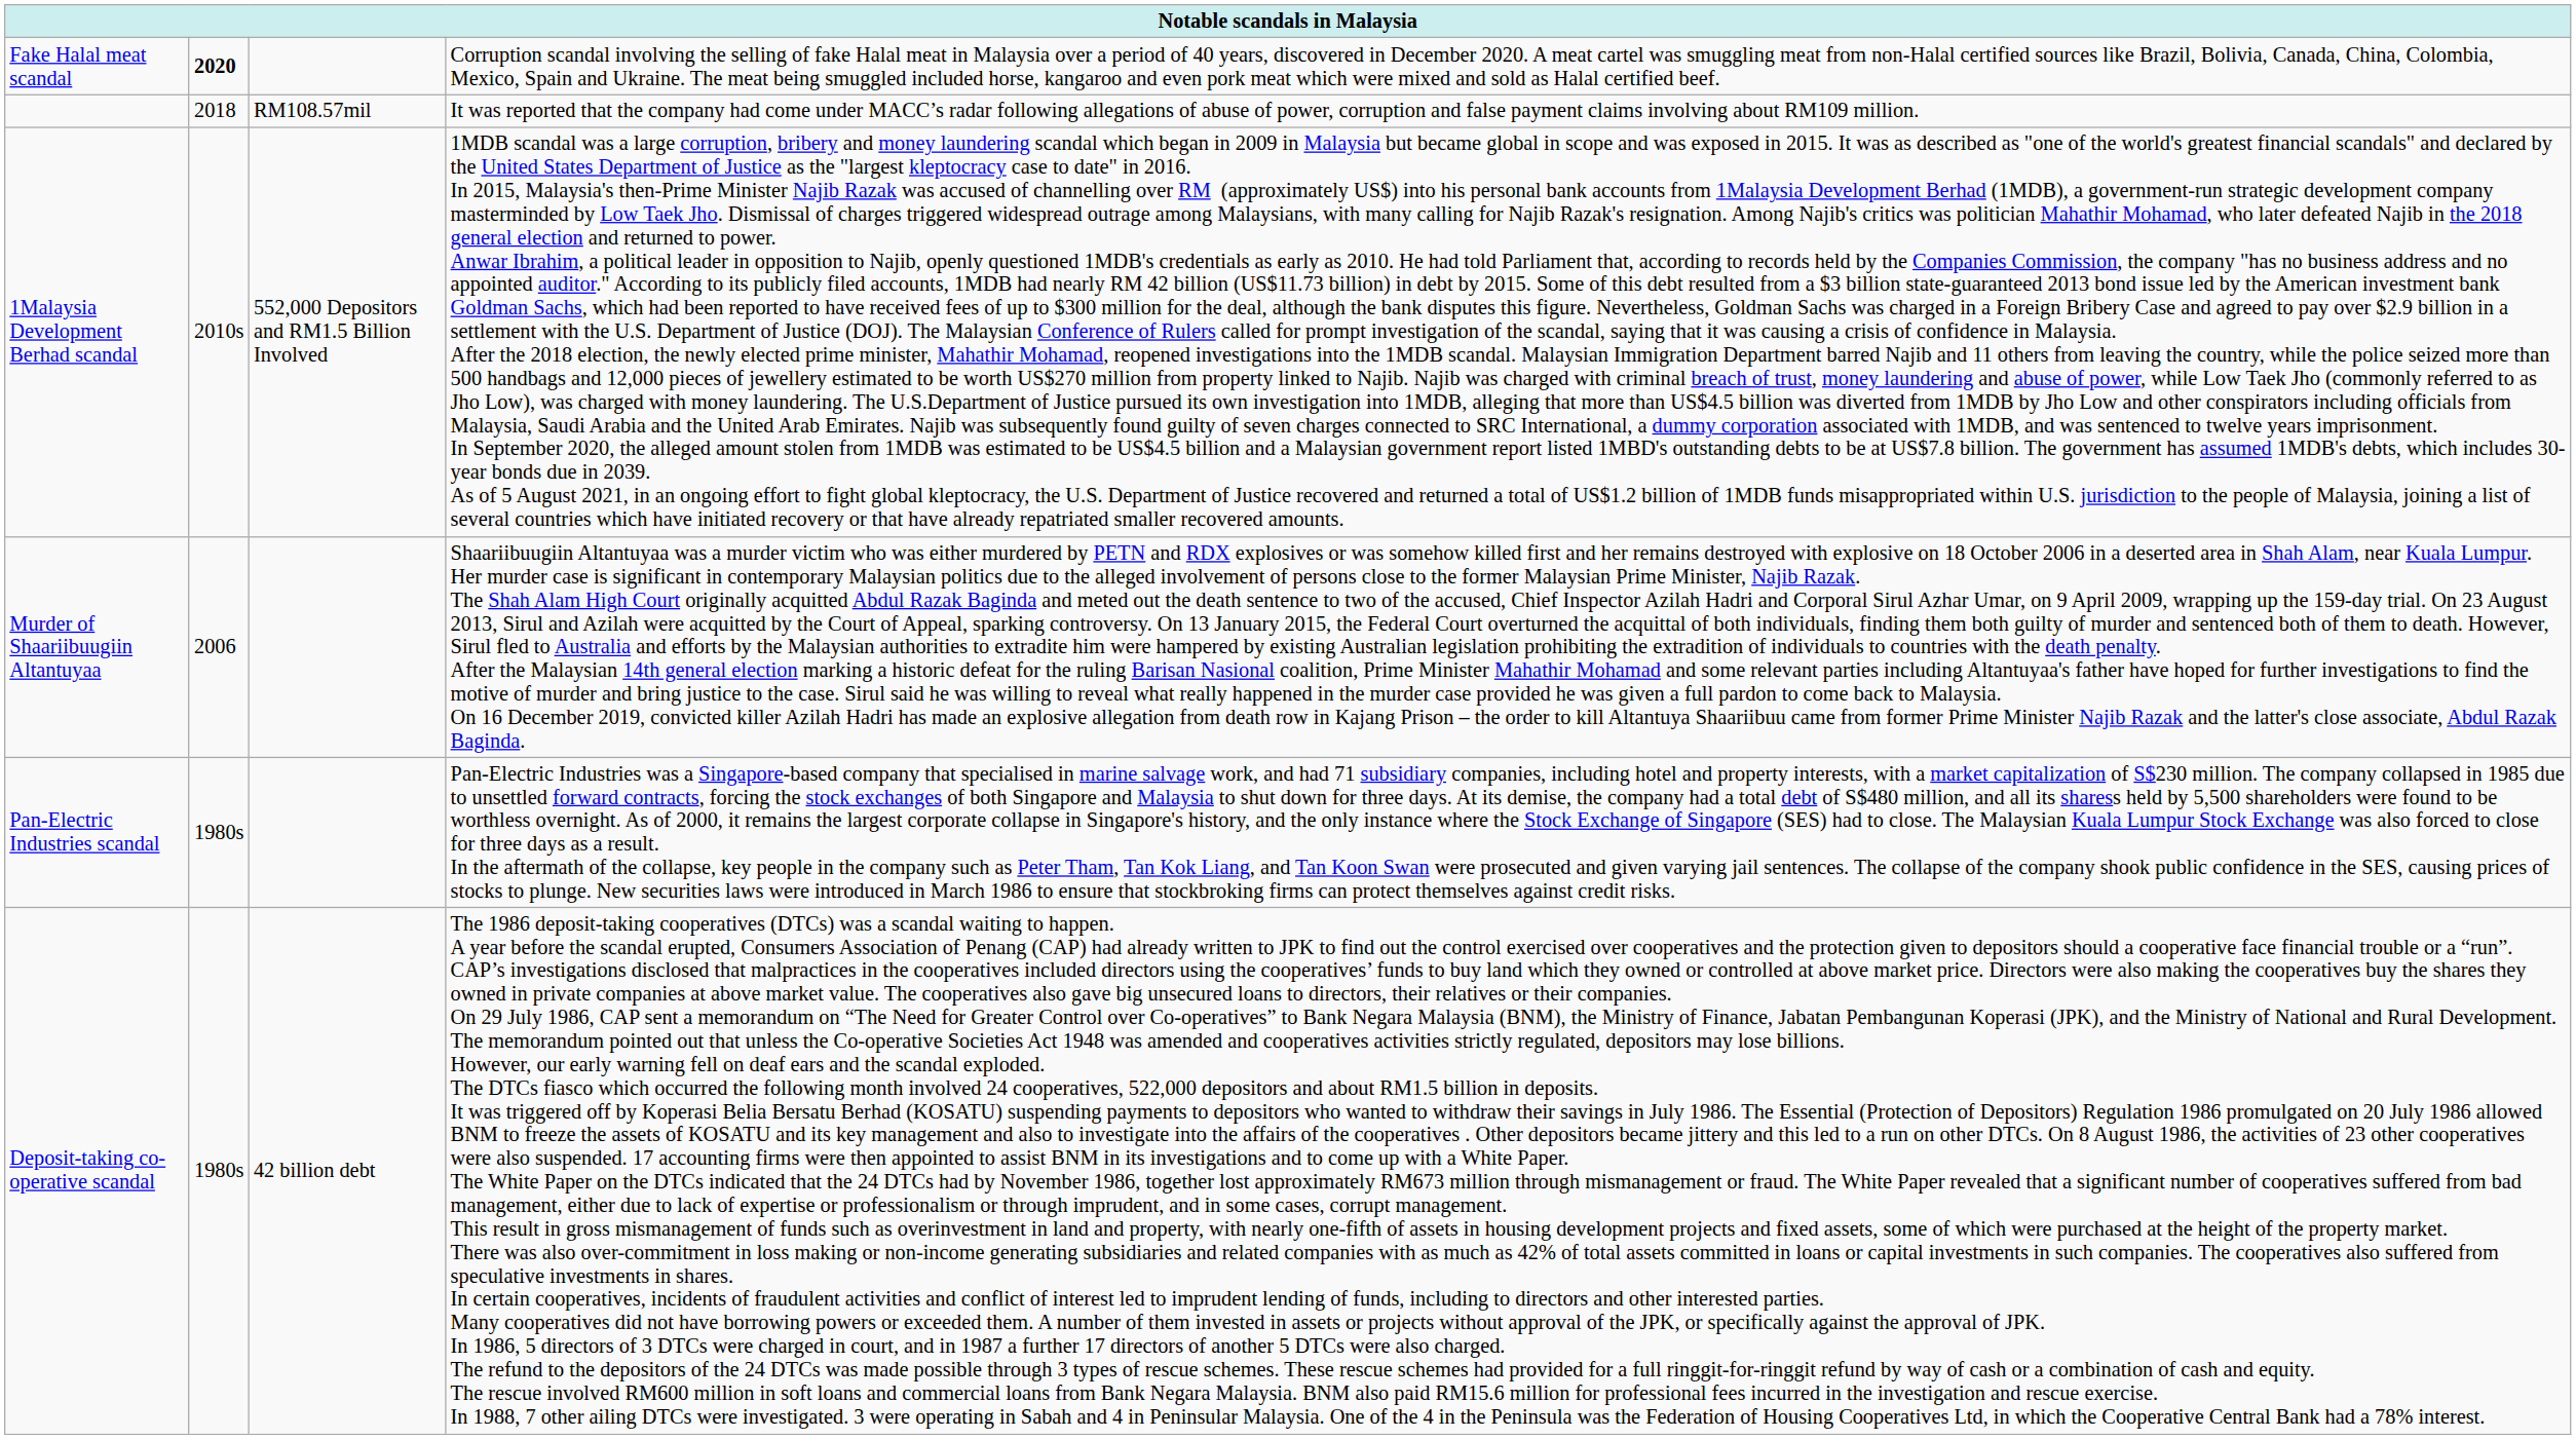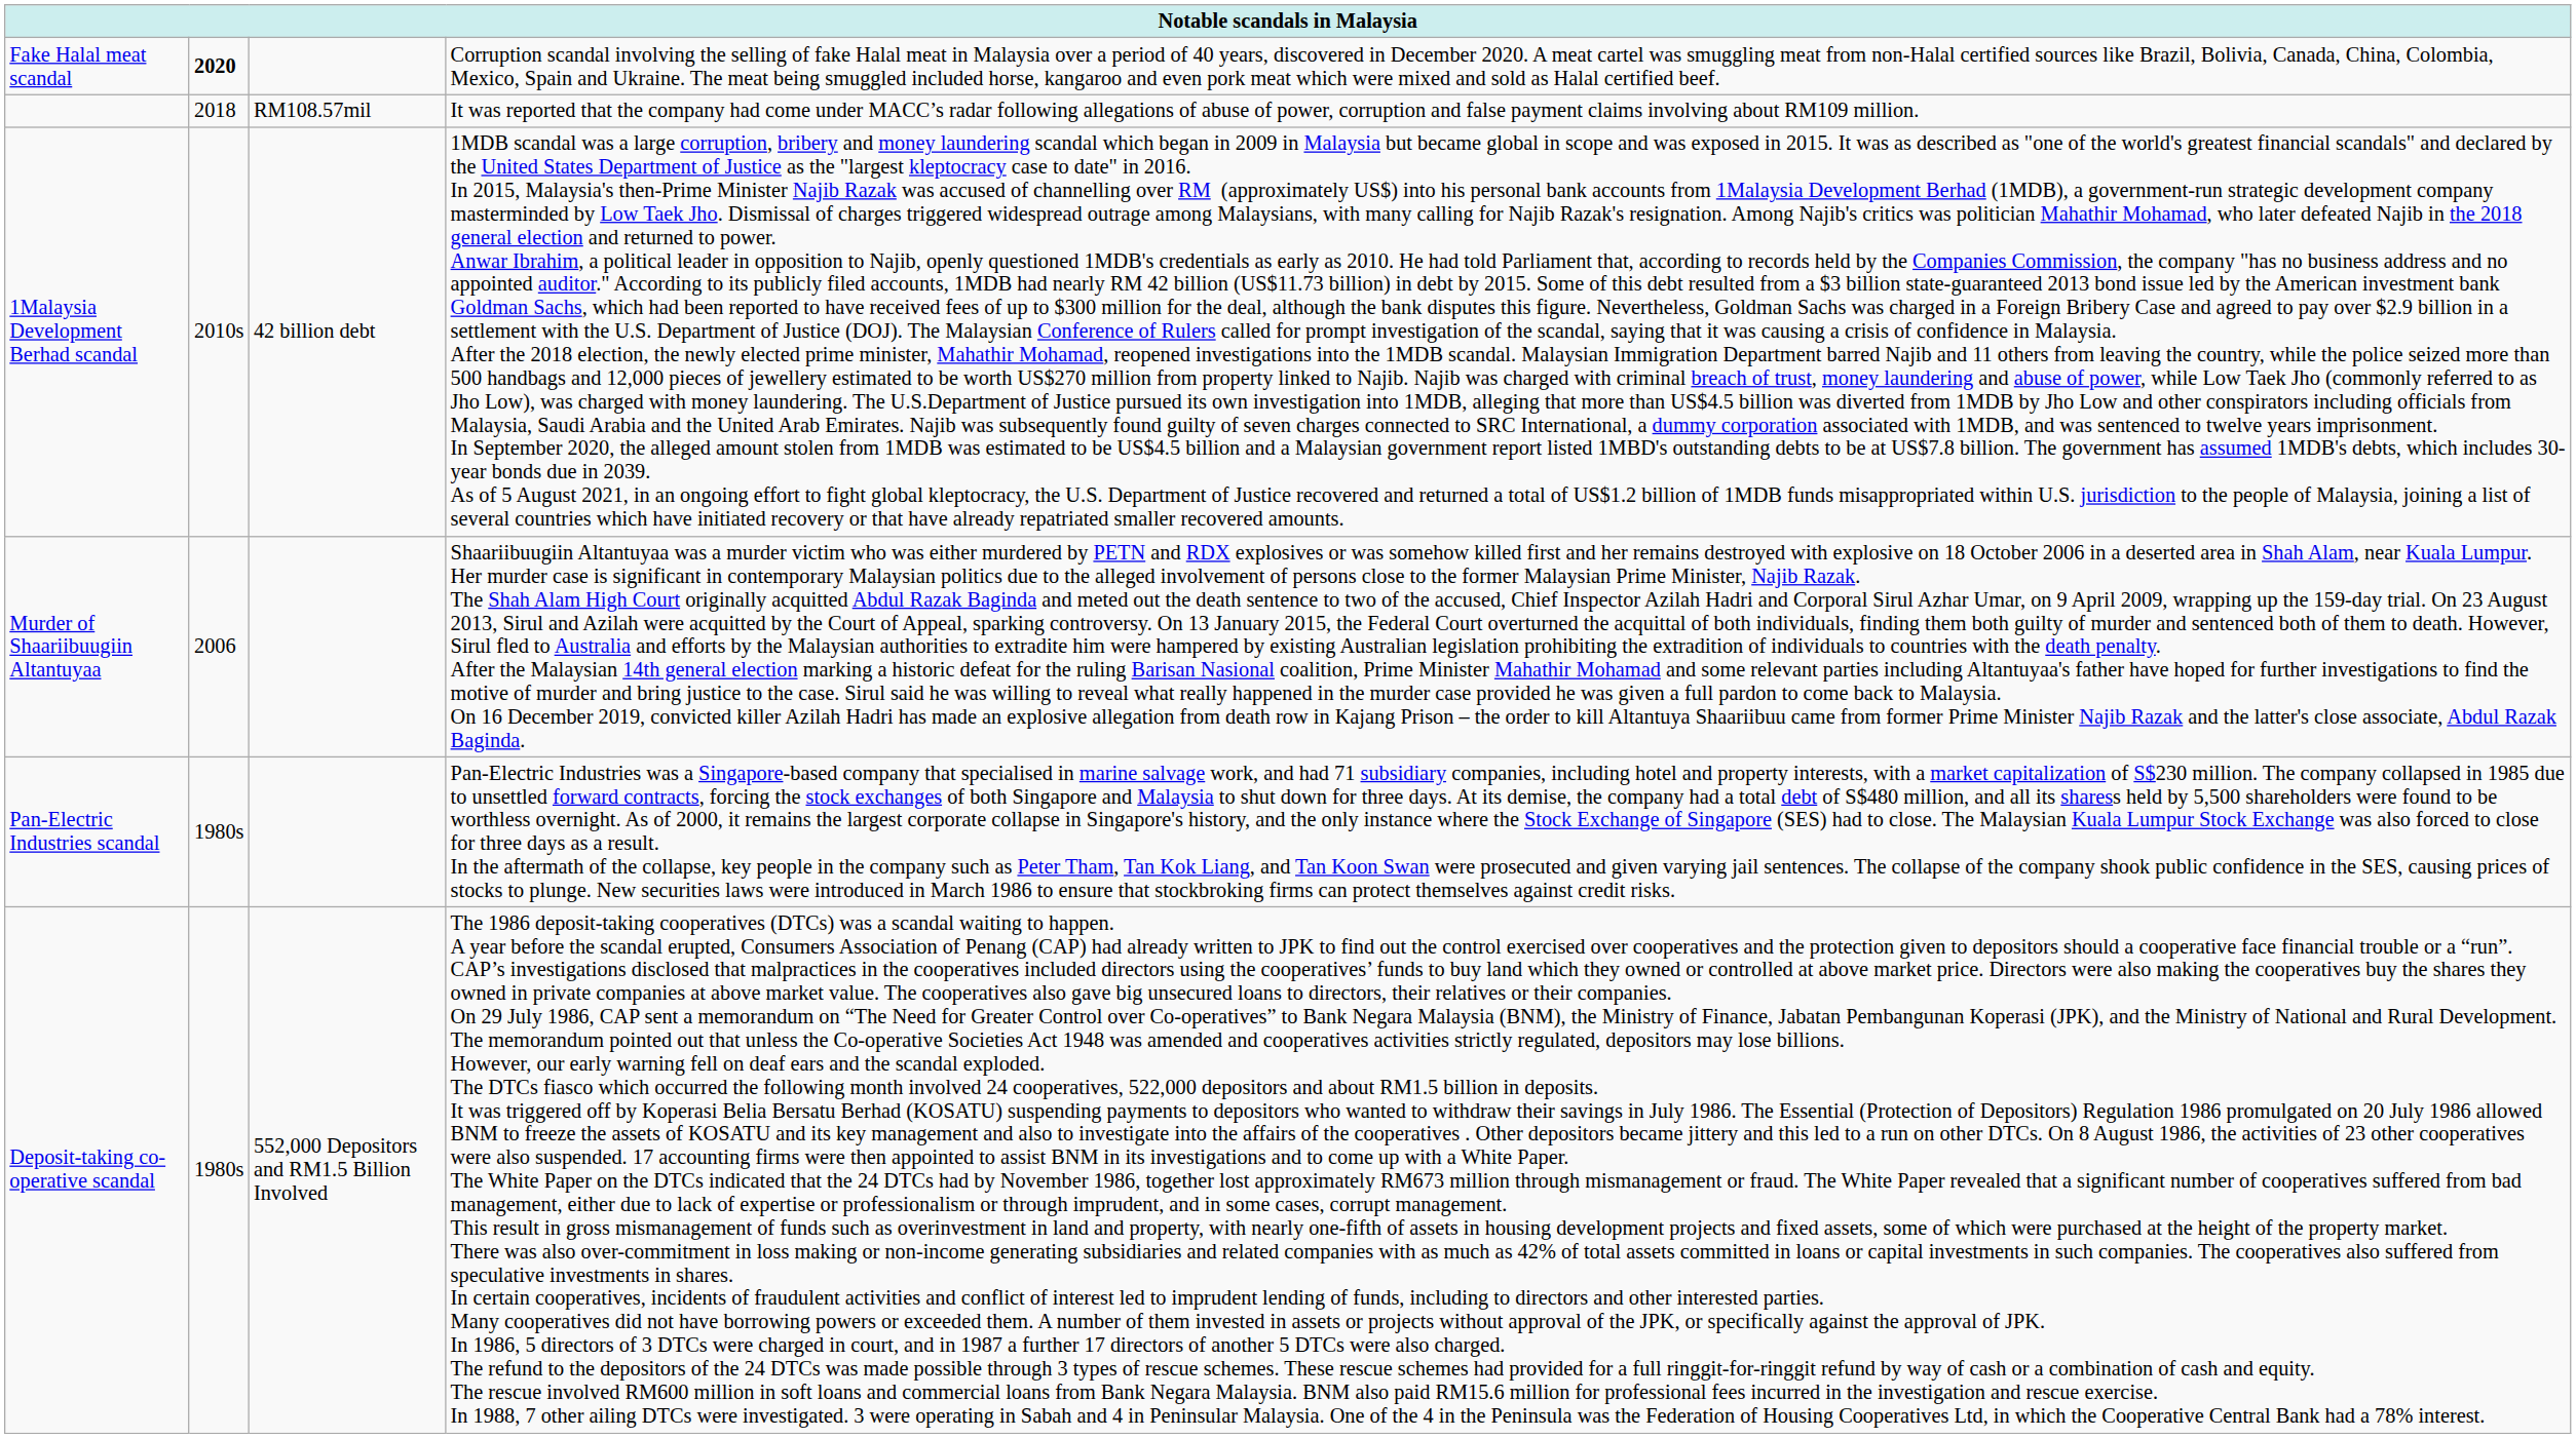 <table class="wikitable sortable">
 <tr>
 <th colspan="6" style="background:#cee;">Notable scandals in Malaysia</th>
 </tr>
 <tr>
 <td><a href='#'>Fake Halal meat scandal</a></td>
 <td><strong>2020</strong></td>
 <td></td>
 <td>Corruption scandal involving the selling of fake Halal meat in Malaysia over a period of 40 years, discovered in December 2020. A meat cartel was smuggling meat from non-Halal certified sources like Brazil, Bolivia, Canada, China, Colombia, Mexico, Spain and Ukraine. The meat being smuggled included horse, kangaroo and even pork meat which were mixed and sold as Halal certified beef.</td>
 </tr>
 <tr>
 <td></td>
 <td>2018</td>
 <td>RM108.57mil</td>
 <td>It was reported that the company had come under MACC’s radar following allegations of abuse of power, corruption and false payment claims involving about RM109 million.</td>
 </tr>
 <tr>
 <td><a href='#'>1Malaysia Development Berhad scandal</a></td>
 <td>2010s</td>
-<td>552,000 Depositors and RM1.5 Billion Involved</td>
+<td>42 billion debt</td>
 <td>1MDB scandal was a large <a href='#'>corruption</a>, <a href='#'>bribery</a> and <a href='#'>money laundering</a> scandal which began in 2009 in <a href='#'>Malaysia</a> but became global in scope and was exposed in 2015. It was as described as "one of the world's greatest financial scandals" and declared by the <a href='#'>United States Department of Justice</a> as the "largest <a href='#'>kleptocracy</a> case to date" in 2016.<br>In 2015, Malaysia's then-Prime Minister <a href='#'>Najib Razak</a> was accused of channelling over <a href='#'>RM</a>  (approximately US$) into his personal bank accounts from <a href='#'>1Malaysia Development Berhad</a> (1MDB), a government-run strategic development company masterminded by <a href='#'>Low Taek Jho</a>. Dismissal of charges triggered widespread outrage among Malaysians, with many calling for Najib Razak's resignation. Among Najib's critics was politician <a href='#'>Mahathir Mohamad</a>, who later defeated Najib in <a href='#'>the 2018 general election</a> and returned to power.<br><a href='#'>Anwar Ibrahim</a>, a political leader in opposition to Najib, openly questioned 1MDB's credentials as early as 2010. He had told Parliament that, according to records held by the <a href='#'>Companies Commission</a>, the company "has no business address and no appointed <a href='#'>auditor</a>." According to its publicly filed accounts, 1MDB had nearly RM 42 billion (US$11.73 billion) in debt by 2015. Some of this debt resulted from a $3 billion state-guaranteed 2013 bond issue led by the American investment bank <a href='#'>Goldman Sachs</a>, which had been reported to have received fees of up to $300 million for the deal, although the bank disputes this figure. Nevertheless, Goldman Sachs was charged in a Foreign Bribery Case and agreed to pay over $2.9 billion in a settlement with the U.S. Department of Justice (DOJ). The Malaysian <a href='#'>Conference of Rulers</a> called for prompt investigation of the scandal, saying that it was causing a crisis of confidence in Malaysia.<br>After the 2018 election, the newly elected prime minister, <a href='#'>Mahathir Mohamad</a>, reopened investigations into the 1MDB scandal. Malaysian Immigration Department barred Najib  and 11 others from leaving the country, while the police seized more than 500 handbags and 12,000 pieces of jewellery estimated to be worth US$270 million from property linked to Najib. Najib was charged with criminal <a href='#'>breach of trust</a>, <a href='#'>money laundering</a> and <a href='#'>abuse of power</a>, while Low Taek Jho (commonly referred to as Jho Low), was charged with money laundering. The U.S.Department of Justice pursued its own investigation into 1MDB, alleging that more than US$4.5 billion was diverted from 1MDB by Jho Low and other conspirators including officials from Malaysia, Saudi Arabia and the United Arab Emirates. Najib was subsequently found guilty of seven charges connected to SRC International, a <a href='#'>dummy corporation</a> associated with 1MDB, and was sentenced to twelve years imprisonment.<br>In September 2020, the alleged amount stolen from 1MDB was estimated to be US$4.5 billion and a Malaysian government report listed 1MBD's outstanding debts to be at US$7.8 billion. The government has <a href='#'>assumed</a> 1MDB's debts, which includes 30-year bonds due in 2039.<br>As of 5 August 2021, in an ongoing effort to fight global kleptocracy, the U.S. Department of Justice recovered and returned a total of US$1.2 billion of 1MDB funds misappropriated within U.S. <a href='#'>jurisdiction</a> to the people of Malaysia, joining a list of several countries which have initiated recovery or that have already repatriated smaller recovered amounts.</td>
 </tr>
 <tr>
 <td><a href='#'>Murder of Shaariibuugiin Altantuyaa</a></td>
 <td>2006</td>
 <td></td>
 <td>Shaariibuugiin Altantuyaa was a murder victim who was either murdered by <a href='#'>PETN</a> and <a href='#'>RDX</a> explosives or was somehow killed first and her remains destroyed with explosive on 18 October 2006 in a deserted area in <a href='#'>Shah Alam</a>, near <a href='#'>Kuala Lumpur</a>. Her murder case is significant in contemporary Malaysian politics due to the alleged involvement of persons close to the former Malaysian Prime Minister, <a href='#'>Najib Razak</a>.<br>The <a href='#'>Shah Alam High Court</a> originally acquitted <a href='#'>Abdul Razak Baginda</a> and meted out the death sentence to two of the accused, Chief Inspector Azilah Hadri and Corporal Sirul Azhar Umar, on 9 April 2009, wrapping up the 159-day trial. On 23 August 2013, Sirul and Azilah were acquitted by the Court of Appeal, sparking controversy.  On 13 January 2015, the Federal Court overturned the acquittal of both individuals, finding them both guilty of murder and sentenced both of them to death. However, Sirul fled to <a href='#'>Australia</a> and efforts by the Malaysian authorities to extradite him were hampered by existing Australian legislation prohibiting the extradition of individuals to countries with the <a href='#'>death penalty</a>.<br>After the Malaysian <a href='#'>14th general election</a> marking a historic defeat for the ruling <a href='#'>Barisan Nasional</a> coalition, Prime Minister <a href='#'>Mahathir Mohamad</a> and some relevant parties including Altantuyaa's father have hoped for further investigations to find the motive of murder and bring justice to the case. Sirul said he was willing to reveal what really happened in the murder case provided he was given a full pardon to come back to Malaysia.<br>On 16 December 2019, convicted killer Azilah Hadri has made an explosive allegation from death row in Kajang Prison – the order to kill Altantuya Shaariibuu came from former Prime Minister <a href='#'>Najib Razak</a> and the latter's close associate, <a href='#'>Abdul Razak Baginda</a>.</td>
 </tr>
 <tr>
 <td><a href='#'>Pan-Electric Industries scandal</a></td>
 <td>1980s</td>
 <td></td>
 <td>Pan-Electric Industries was a <a href='#'>Singapore</a>-based company that specialised in <a href='#'>marine salvage</a> work, and had 71 <a href='#'>subsidiary</a> companies, including hotel and property interests, with a <a href='#'>market capitalization</a> of <a href='#'>S$</a>230 million. The company collapsed in 1985 due to unsettled <a href='#'>forward contracts</a>, forcing the <a href='#'>stock exchanges</a> of both Singapore and <a href='#'>Malaysia</a> to shut down for three days. At its demise, the company had a total <a href='#'>debt</a> of S$480 million, and all its <a href='#'>shares</a>s held by 5,500 shareholders were found to be worthless overnight. As of 2000, it remains the largest corporate collapse in Singapore's history, and the only instance where the <a href='#'>Stock Exchange of Singapore</a> (SES) had to close. The Malaysian <a href='#'>Kuala Lumpur Stock Exchange</a> was also forced to close for three days as a result.<br>In the aftermath of the collapse, key people in the company such as <a href='#'>Peter Tham</a>, <a href='#'>Tan Kok Liang</a>, and <a href='#'>Tan Koon Swan</a> were prosecuted and given varying jail sentences. The collapse of the company shook public confidence in the SES, causing prices of stocks to plunge. New securities laws were introduced in March 1986 to ensure that stockbroking firms can protect themselves against credit risks.</td>
 </tr>
 <tr>
 <td><a href='#'>Deposit-taking co-operative scandal</a></td>
 <td>1980s</td>
-<td>42 billion debt</td>
+<td>552,000 Depositors and RM1.5 Billion Involved</td>
 <td>The 1986 deposit-taking cooperatives (DTCs) was a scandal waiting to happen.<br>A year before the scandal erupted, Consumers Association of Penang (CAP) had already written to JPK to find out the control exercised over cooperatives and the protection given to depositors should a cooperative face financial trouble or a “run”.  CAP’s investigations disclosed  that malpractices in the cooperatives included directors using the cooperatives’ funds to buy land which they owned or controlled at above market price. Directors were also making the cooperatives buy the shares they owned in private companies at above market value. The cooperatives also gave big unsecured loans to directors, their relatives or their companies.<br>On 29 July 1986, CAP sent a memorandum on “The Need for Greater Control over Co-operatives” to Bank Negara Malaysia (BNM), the Ministry of Finance, Jabatan Pembangunan Koperasi (JPK), and the Ministry of National and Rural Development. The memorandum pointed out that unless the Co-operative Societies Act 1948 was amended and cooperatives activities strictly regulated, depositors may lose billions.<br>However, our early warning fell on deaf ears and the scandal exploded.<br>The DTCs fiasco which occurred the following month involved 24 cooperatives, 522,000 depositors and about RM1.5 billion in deposits.<br>It was triggered off by Koperasi Belia Bersatu Berhad (KOSATU) suspending payments to depositors who wanted to withdraw their savings in July 1986. The Essential (Protection of Depositors) Regulation 1986 promulgated on 20 July 1986 allowed  BNM  to freeze the assets of KOSATU and its key management and also to investigate into the affairs of the cooperatives . Other depositors became jittery and this led to a run on other DTCs. On 8 August 1986, the activities of 23 other cooperatives were also suspended.  17 accounting firms were then appointed to assist BNM in its investigations and to come up with a White Paper.<br>The White Paper on the DTCs indicated that the 24 DTCs had by November 1986, together lost approximately RM673 million through mismanagement or fraud.  The White Paper revealed that a significant number of cooperatives suffered from bad management, either due to lack of expertise or professionalism or through imprudent, and in some cases, corrupt management.<br>This result in gross mismanagement of funds such as overinvestment in land and property, with nearly one-fifth of assets in housing development projects and fixed assets, some of which were purchased at the height of the property market.<br>There was also over-commitment in loss making or non-income generating subsidiaries and related companies with as much as  42% of total assets committed in loans or capital investments in such companies. The cooperatives also suffered from speculative investments in shares.<br>In certain cooperatives, incidents of fraudulent activities and conflict of interest led to imprudent lending of funds, including to directors and other interested parties.<br>Many cooperatives did not have borrowing powers or exceeded them.  A number of them invested in assets or projects without approval of the JPK, or specifically against the approval of JPK.<br>In 1986, 5 directors of 3 DTCs  were charged in court, and in 1987 a further 17 directors of another 5 DTCs were also charged.<br>The refund to the depositors of the 24 DTCs was made possible through 3 types of rescue schemes. These rescue schemes had provided for a full ringgit-for-ringgit refund by way of cash or a combination of cash and equity.<br>The rescue involved RM600 million in soft loans and commercial loans from Bank Negara Malaysia. BNM also paid RM15.6 million for professional fees incurred in the investigation and  rescue exercise.<br>In 1988, 7 other ailing DTCs were investigated.  3 were operating in Sabah and 4 in Peninsular Malaysia.  One of the 4 in the Peninsula was the Federation  of Housing Cooperatives Ltd, in which the Cooperative Central Bank had a 78% interest.</td>
 </tr>
 </table>
